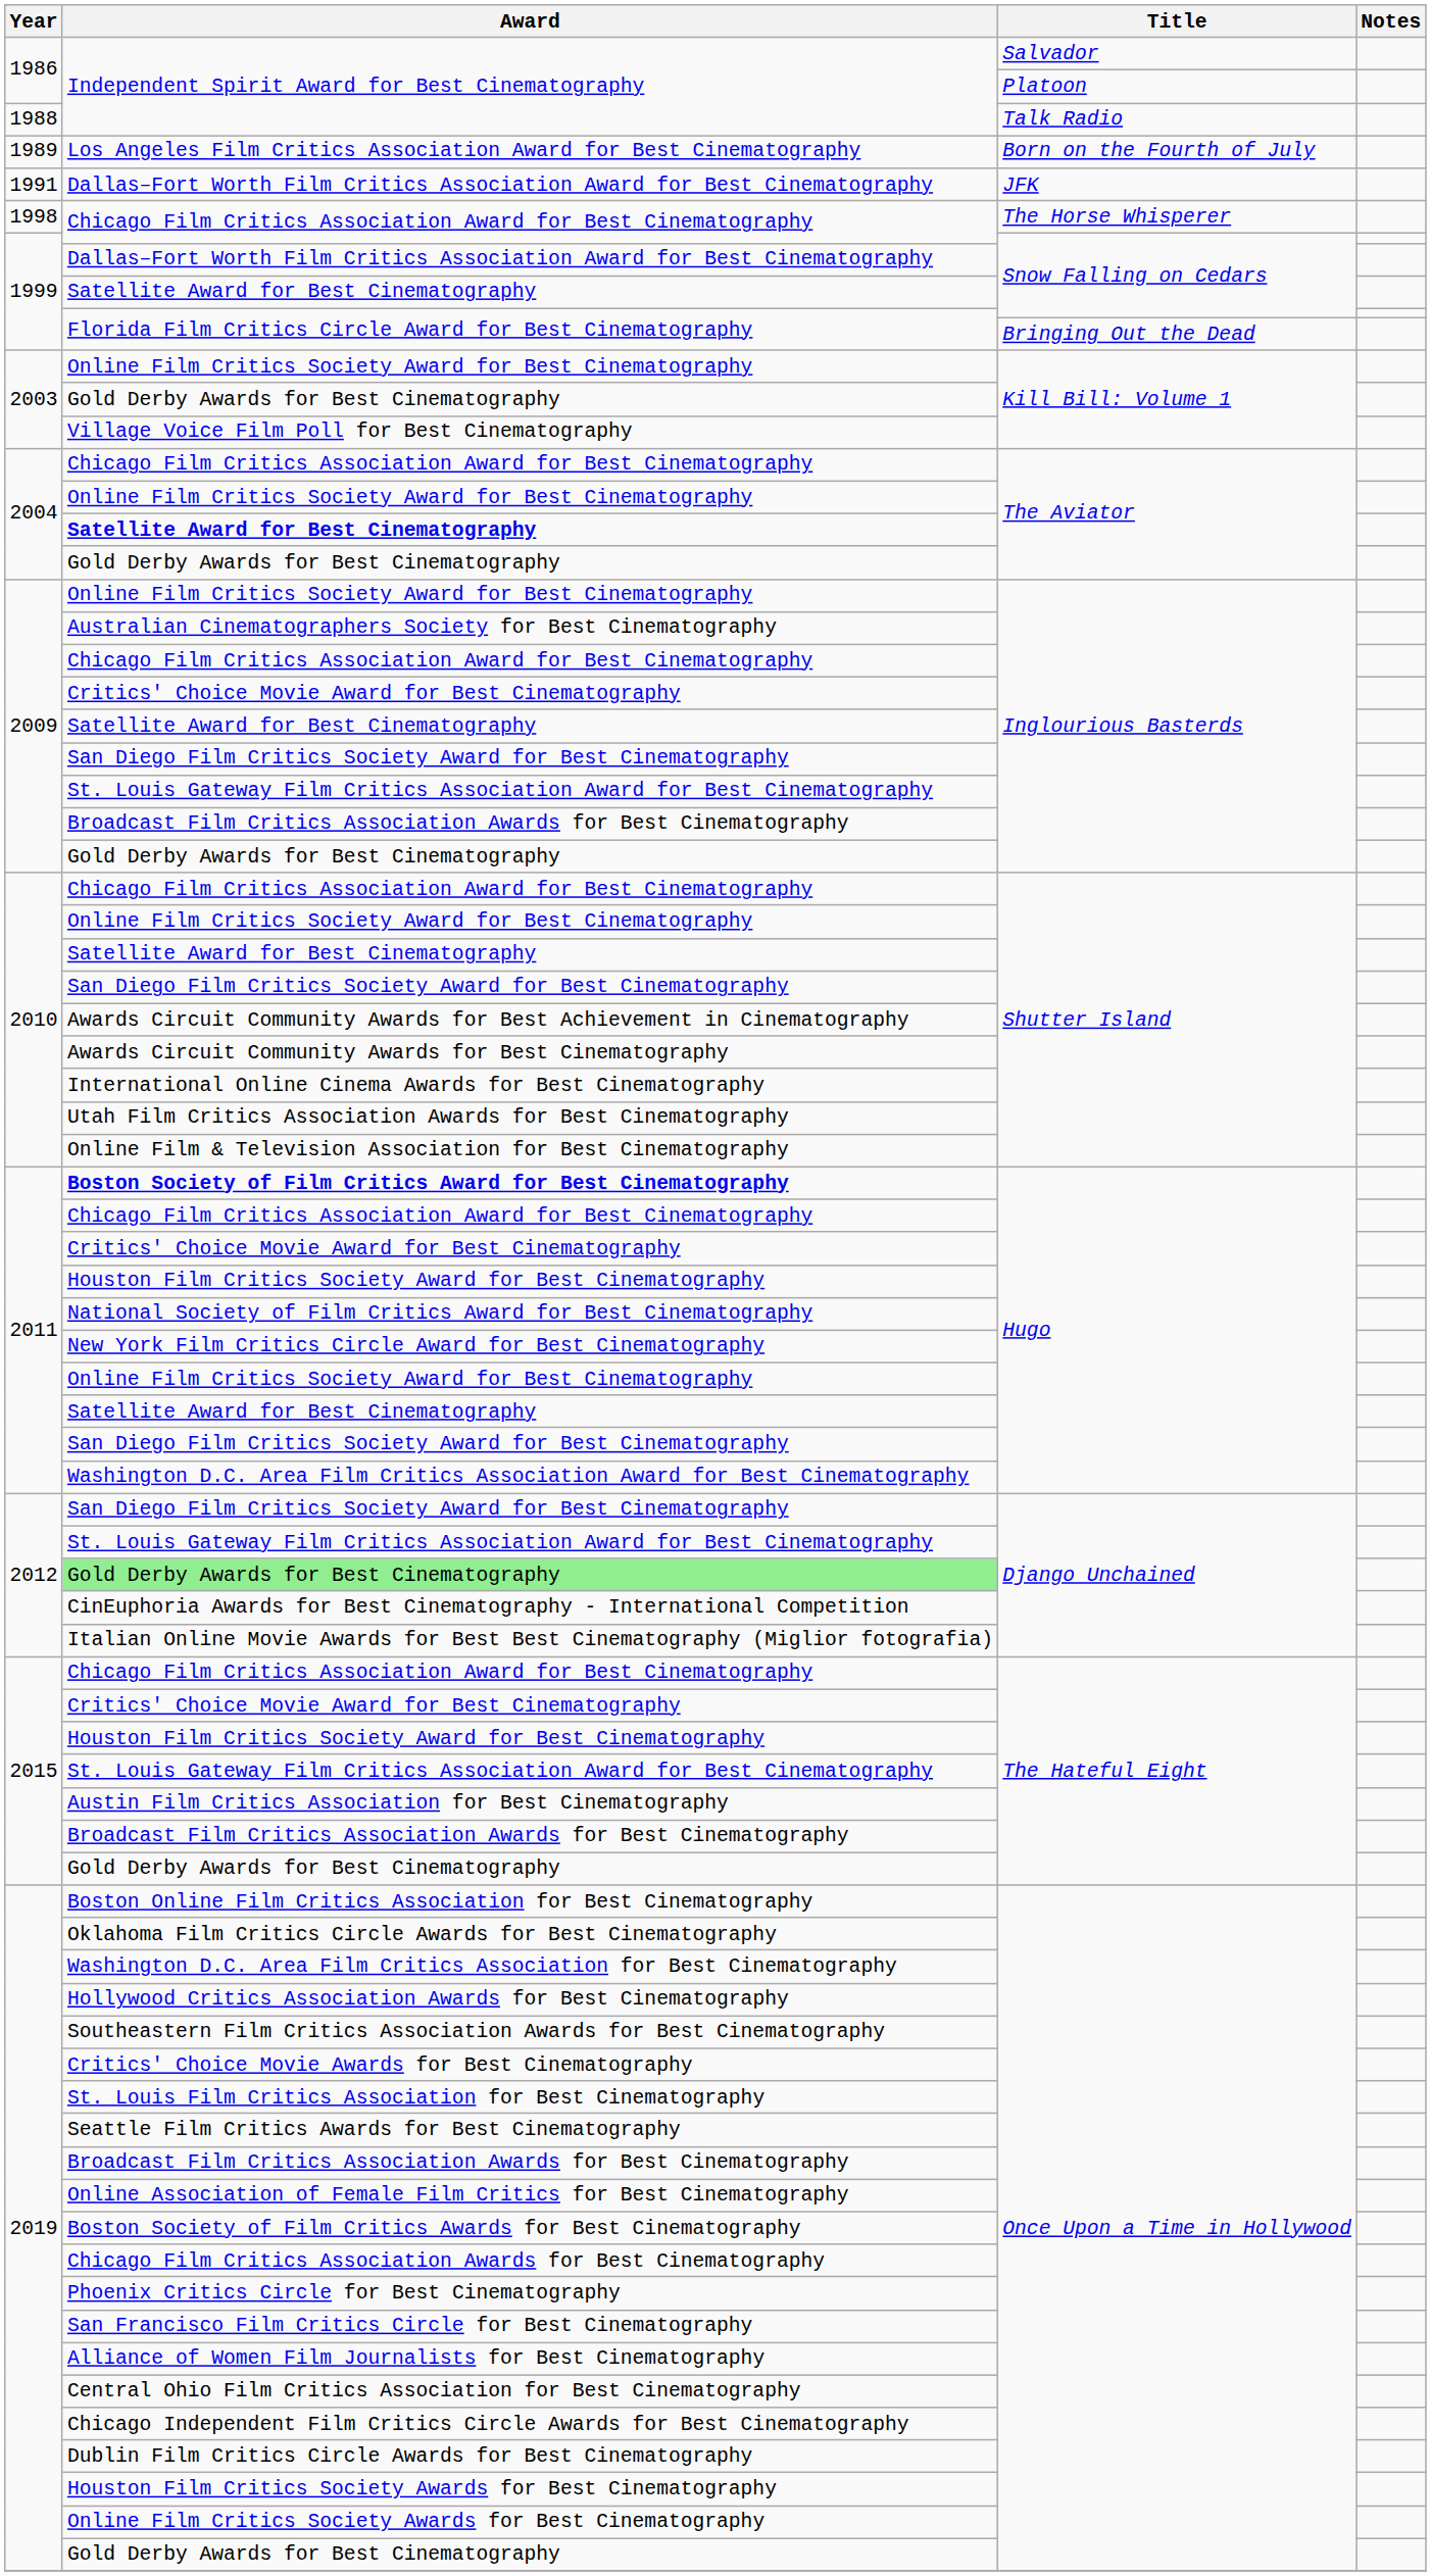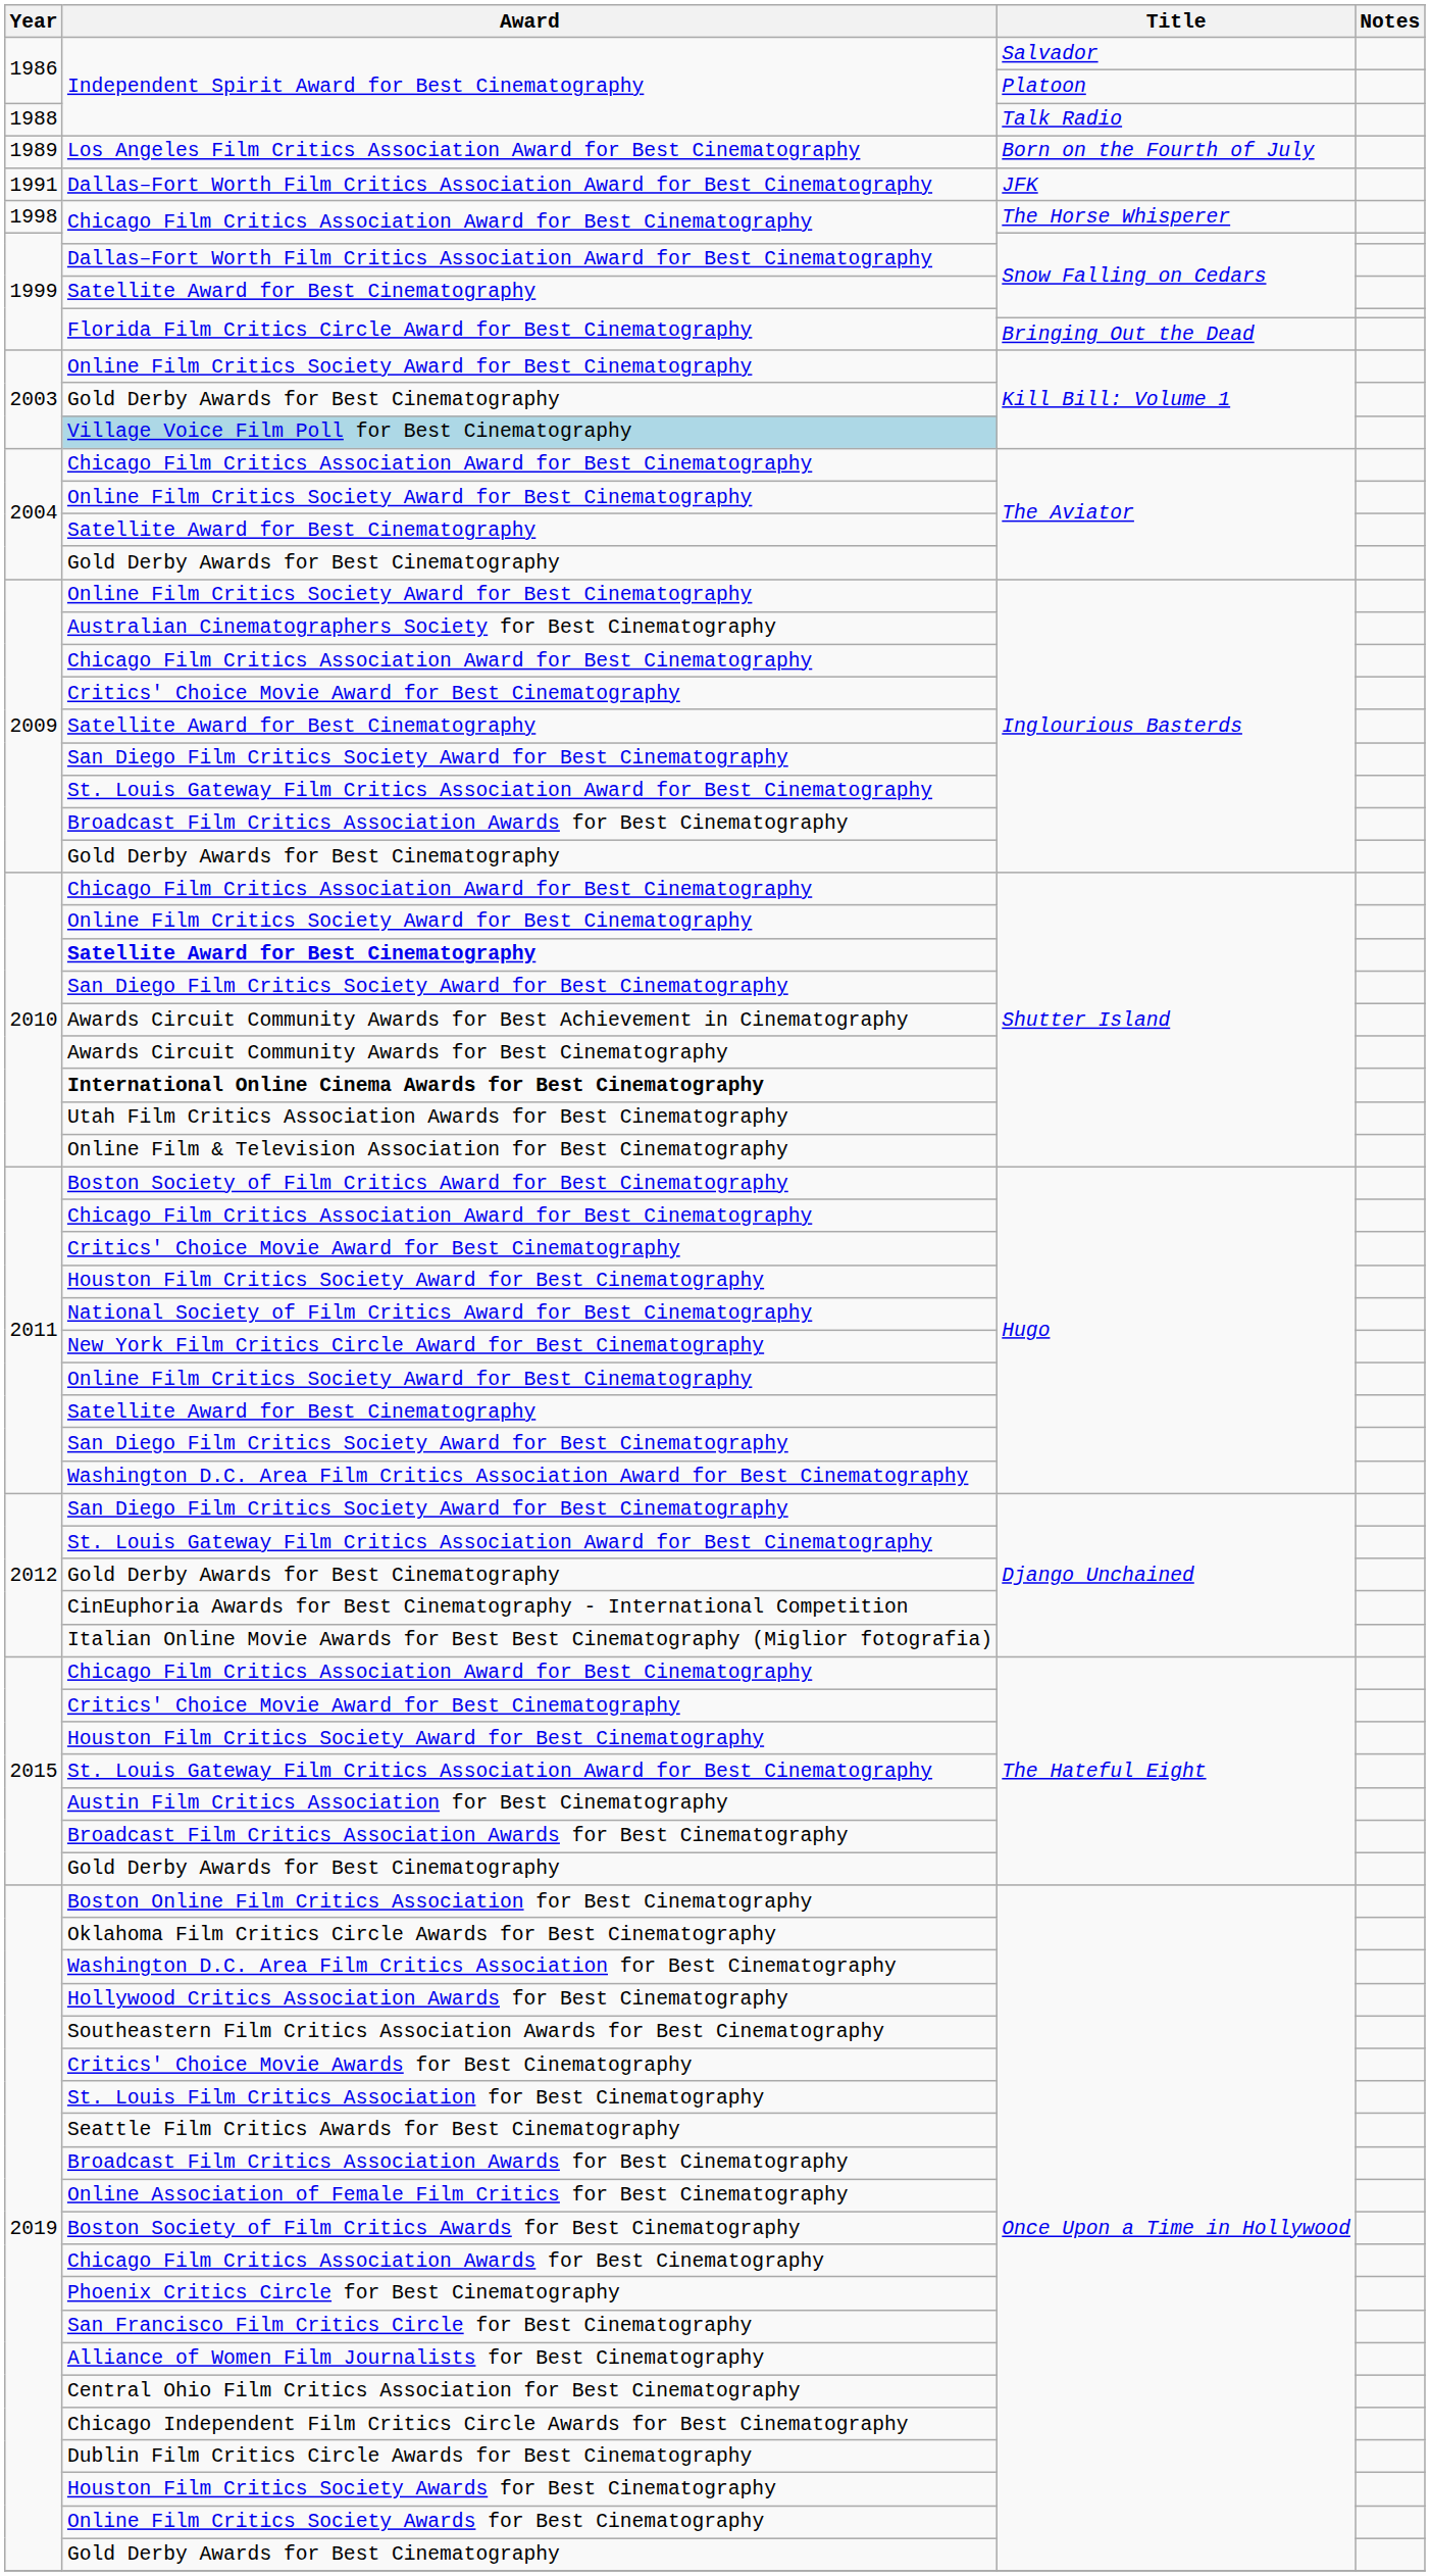 <table class="wikitable">
 <tr>
 <th>Year</th>
 <th>Award</th>
 <th>Title</th>
 <th>Notes</th>
 </tr>
 <tr>
 <td rowspan="2">1986</td>
 <td rowspan=3><a href='#'>Independent Spirit Award for Best Cinematography</a></td>
 <td><em><a href='#'>Salvador</a></em></td>
 <td></td>
 </tr>
 <tr>
 <td><em><a href='#'>Platoon</a></em></td>
 <td></td>
 </tr>
 <tr>
 <td>1988</td>
 <td><em><a href='#'>Talk Radio</a></em></td>
 <td></td>
 </tr>
 <tr>
 <td>1989</td>
 <td><a href='#'>Los Angeles Film Critics Association Award for Best Cinematography</a></td>
 <td><em><a href='#'>Born on the Fourth of July</a></em></td>
 <td></td>
 </tr>
 <tr>
 <td>1991</td>
 <td><a href='#'>Dallas–Fort Worth Film Critics Association Award for Best Cinematography</a></td>
 <td><em><a href='#'>JFK</a></em></td>
 <td></td>
 </tr>
 <tr>
 <td>1998</td>
 <td rowspan=2><a href='#'>Chicago Film Critics Association Award for Best Cinematography</a></td>
 <td><em><a href='#'>The Horse Whisperer</a></em></td>
 <td></td>
 </tr>
 <tr>
 <td rowspan=5>1999</td>
 <td rowspan=4><em><a href='#'>Snow Falling on Cedars</a></em></td>
 <td></td>
 </tr>
 <tr>
 <td><a href='#'>Dallas–Fort Worth Film Critics Association Award for Best Cinematography</a></td>
 <td></td>
 </tr>
 <tr>
 <td><a href='#'>Satellite Award for Best Cinematography</a></td>
 <td></td>
 </tr>
 <tr>
 <td rowspan=2><a href='#'>Florida Film Critics Circle Award for Best Cinematography</a></td>
 <td></td>
 </tr>
 <tr>
 <td><em><a href='#'>Bringing Out the Dead</a></em></td>
 <td></td>
 </tr>
 <tr>
 <td rowspan=3>2003</td>
 <td><a href='#'>Online Film Critics Society Award for Best Cinematography</a></td>
 <td rowspan=3><em><a href='#'>Kill Bill: Volume 1</a></em></td>
 <td></td>
 </tr>
 <tr>
 <td>Gold Derby Awards for Best Cinematography</td>
 <td></td>
 </tr>
 <tr>
-<td><a href='#'>Village Voice Film Poll</a> for Best Cinematography</td>
+<td style="background: lightblue;"><a href='#'>Village Voice Film Poll</a> for Best Cinematography</td>
 <td></td>
 </tr>
 <tr>
 <td rowspan=4>2004</td>
 <td><a href='#'>Chicago Film Critics Association Award for Best Cinematography</a></td>
 <td rowspan=4><em><a href='#'>The Aviator</a></em></td>
 <td></td>
 </tr>
 <tr>
 <td><a href='#'>Online Film Critics Society Award for Best Cinematography</a></td>
 <td></td>
 </tr>
 <tr>
-<td><strong><a href='#'>Satellite Award for Best Cinematography</a></strong></td>
+<td><a href='#'>Satellite Award for Best Cinematography</a></td>
 <td></td>
 </tr>
 <tr>
 <td>Gold Derby Awards for Best Cinematography</td>
 <td></td>
 </tr>
 <tr>
 <td rowspan=9>2009</td>
 <td><a href='#'>Online Film Critics Society Award for Best Cinematography</a></td>
 <td rowspan=9><em><a href='#'>Inglourious Basterds</a></em></td>
 <td></td>
 </tr>
 <tr>
 <td><a href='#'>Australian Cinematographers Society</a> for Best Cinematography</td>
 <td></td>
 </tr>
 <tr>
 <td><a href='#'>Chicago Film Critics Association Award for Best Cinematography</a></td>
 <td></td>
 </tr>
 <tr>
 <td><a href='#'>Critics' Choice Movie Award for Best Cinematography</a></td>
 <td></td>
 </tr>
 <tr>
 <td><a href='#'>Satellite Award for Best Cinematography</a></td>
 <td></td>
 </tr>
 <tr>
 <td><a href='#'>San Diego Film Critics Society Award for Best Cinematography</a></td>
 <td></td>
 </tr>
 <tr>
 <td><a href='#'>St. Louis Gateway Film Critics Association Award for Best Cinematography</a></td>
 <td></td>
 </tr>
 <tr>
 <td><a href='#'>Broadcast Film Critics Association Awards</a> for Best Cinematography</td>
 <td></td>
 </tr>
 <tr>
 <td>Gold Derby Awards for Best Cinematography</td>
 <td></td>
 </tr>
 <tr>
 <td rowspan=9>2010</td>
 <td><a href='#'>Chicago Film Critics Association Award for Best Cinematography</a></td>
 <td rowspan=9><em><a href='#'>Shutter Island</a></em></td>
 <td></td>
 </tr>
 <tr>
 <td><a href='#'>Online Film Critics Society Award for Best Cinematography</a></td>
 <td></td>
 </tr>
 <tr>
-<td><a href='#'>Satellite Award for Best Cinematography</a></td>
+<td><strong><a href='#'>Satellite Award for Best Cinematography</a></strong></td>
 <td></td>
 </tr>
 <tr>
 <td><a href='#'>San Diego Film Critics Society Award for Best Cinematography</a></td>
 <td></td>
 </tr>
 <tr>
 <td>Awards Circuit Community Awards for Best Achievement in Cinematography</td>
 <td></td>
 </tr>
 <tr>
 <td>Awards Circuit Community Awards for Best Cinematography</td>
 <td></td>
 </tr>
 <tr>
-<td>International Online Cinema Awards for Best Cinematography</td>
+<td><strong>International Online Cinema Awards for Best Cinematography</strong></td>
 <td></td>
 </tr>
 <tr>
 <td>Utah Film Critics Association Awards for Best Cinematography</td>
 <td></td>
 </tr>
 <tr>
 <td>Online Film & Television Association for Best Cinematography</td>
 <td></td>
 </tr>
 <tr>
 <td rowspan=10>2011</td>
-<td><strong><a href='#'>Boston Society of Film Critics Award for Best Cinematography</a></strong></td>
+<td><a href='#'>Boston Society of Film Critics Award for Best Cinematography</a></td>
 <td rowspan=10><em><a href='#'>Hugo</a></em></td>
 <td></td>
 </tr>
 <tr>
 <td><a href='#'>Chicago Film Critics Association Award for Best Cinematography</a></td>
 <td></td>
 </tr>
 <tr>
 <td><a href='#'>Critics' Choice Movie Award for Best Cinematography</a></td>
 <td></td>
 </tr>
 <tr>
 <td><a href='#'>Houston Film Critics Society Award for Best Cinematography</a></td>
 <td></td>
 </tr>
 <tr>
 <td><a href='#'>National Society of Film Critics Award for Best Cinematography</a></td>
 <td></td>
 </tr>
 <tr>
 <td><a href='#'>New York Film Critics Circle Award for Best Cinematography</a></td>
 <td></td>
 </tr>
 <tr>
 <td><a href='#'>Online Film Critics Society Award for Best Cinematography</a></td>
 <td></td>
 </tr>
 <tr>
 <td><a href='#'>Satellite Award for Best Cinematography</a></td>
 <td></td>
 </tr>
 <tr>
 <td><a href='#'>San Diego Film Critics Society Award for Best Cinematography</a></td>
 <td></td>
 </tr>
 <tr>
 <td><a href='#'>Washington D.C. Area Film Critics Association Award for Best Cinematography</a></td>
 <td></td>
 </tr>
 <tr>
 <td rowspan=5>2012</td>
 <td><a href='#'>San Diego Film Critics Society Award for Best Cinematography</a></td>
 <td rowspan=5><em><a href='#'>Django Unchained</a></em></td>
 <td></td>
 </tr>
 <tr>
 <td><a href='#'>St. Louis Gateway Film Critics Association Award for Best Cinematography</a></td>
 <td></td>
 </tr>
 <tr>
-<td style="background: lightgreen;">Gold Derby Awards for Best Cinematography</td>
+<td>Gold Derby Awards for Best Cinematography</td>
 <td></td>
 </tr>
 <tr>
 <td>CinEuphoria Awards for Best Cinematography - International Competition</td>
 <td></td>
 </tr>
 <tr>
 <td>Italian Online Movie Awards for Best Best Cinematography (Miglior fotografia)</td>
 <td></td>
 </tr>
 <tr>
 <td rowspan=7>2015</td>
 <td><a href='#'>Chicago Film Critics Association Award for Best Cinematography</a></td>
 <td rowspan=7><em><a href='#'>The Hateful Eight</a></em></td>
 <td></td>
 </tr>
 <tr>
 <td><a href='#'>Critics' Choice Movie Award for Best Cinematography</a></td>
 <td></td>
 </tr>
 <tr>
 <td><a href='#'>Houston Film Critics Society Award for Best Cinematography</a></td>
 <td></td>
 </tr>
 <tr>
 <td><a href='#'>St. Louis Gateway Film Critics Association Award for Best Cinematography</a></td>
 <td></td>
 </tr>
 <tr>
 <td><a href='#'>Austin Film Critics Association</a> for Best Cinematography</td>
 <td></td>
 </tr>
 <tr>
 <td><a href='#'>Broadcast Film Critics Association Awards</a> for Best Cinematography</td>
 <td></td>
 </tr>
 <tr>
 <td>Gold Derby Awards for Best Cinematography</td>
 <td></td>
 </tr>
 <tr>
 <td rowspan=21>2019</td>
 <td><a href='#'>Boston Online Film Critics Association</a> for Best Cinematography</td>
 <td rowspan=21><em><a href='#'>Once Upon a Time in Hollywood</a></em></td>
 <td></td>
 </tr>
 <tr>
 <td>Oklahoma Film Critics Circle Awards for Best Cinematography</td>
 <td></td>
 </tr>
 <tr>
 <td><a href='#'>Washington D.C. Area Film Critics Association</a> for Best Cinematography</td>
 <td></td>
 </tr>
 <tr>
 <td><a href='#'>Hollywood Critics Association Awards</a> for Best Cinematography</td>
 <td></td>
 </tr>
 <tr>
 <td>Southeastern Film Critics Association Awards for Best Cinematography</td>
 <td></td>
 </tr>
 <tr>
 <td><a href='#'>Critics' Choice Movie Awards</a> for Best Cinematography</td>
 <td></td>
 </tr>
 <tr>
 <td><a href='#'>St. Louis Film Critics Association</a> for Best Cinematography</td>
 <td></td>
 </tr>
 <tr>
 <td>Seattle Film Critics Awards for Best Cinematography</td>
 <td></td>
 </tr>
 <tr>
 <td><a href='#'>Broadcast Film Critics Association Awards</a> for Best Cinematography</td>
 <td></td>
 </tr>
 <tr>
 <td><a href='#'>Online Association of Female Film Critics</a> for Best Cinematography</td>
 <td></td>
 </tr>
 <tr>
 <td><a href='#'>Boston Society of Film Critics Awards</a> for Best Cinematography</td>
 <td></td>
 </tr>
 <tr>
 <td><a href='#'>Chicago Film Critics Association Awards</a> for Best Cinematography</td>
 <td></td>
 </tr>
 <tr>
 <td><a href='#'>Phoenix Critics Circle</a> for Best Cinematography</td>
 <td></td>
 </tr>
 <tr>
 <td><a href='#'>San Francisco Film Critics Circle</a> for Best Cinematography</td>
 <td></td>
 </tr>
 <tr>
 <td><a href='#'>Alliance of Women Film Journalists</a> for Best Cinematography</td>
 <td></td>
 </tr>
 <tr>
 <td>Central Ohio Film Critics Association for Best Cinematography</td>
 <td></td>
 </tr>
 <tr>
 <td>Chicago Independent Film Critics Circle Awards for Best Cinematography</td>
 <td></td>
 </tr>
 <tr>
 <td>Dublin Film Critics Circle Awards for Best Cinematography</td>
 <td></td>
 </tr>
 <tr>
 <td><a href='#'>Houston Film Critics Society Awards</a> for Best Cinematography</td>
 <td></td>
 </tr>
 <tr>
 <td><a href='#'>Online Film Critics Society Awards</a> for Best Cinematography</td>
 <td></td>
 </tr>
 <tr>
 <td>Gold Derby Awards for Best Cinematography</td>
 <td></td>
 </tr>
 <tr>
 </tr>
 </table>
